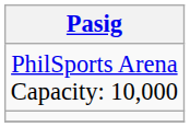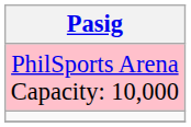 <table class="wikitable" style="text-align:center;">
 <tr>
 <th><a href='#'>Pasig</a></th>
 </tr>
 <tr>
-<td><a href='#'>PhilSports Arena</a><br>Capacity: 10,000</td>
+<td style="background: pink;"><a href='#'>PhilSports Arena</a><br>Capacity: 10,000</td>
 </tr>
 <tr>
 <td></td>
 </tr>
 <tr>
 </tr>
 </table>
